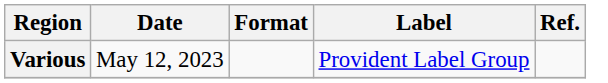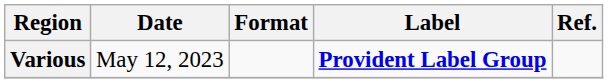 <table class="wikitable plainrowheaders">
 <tr>
 <th scope="col">Region</th>
 <th scope="col">Date</th>
 <th scope="col">Format</th>
 <th scope="col">Label</th>
 <th scope="col">Ref.</th>
 </tr>
 <tr>
 <th scope="row">Various</th>
 <td>May 12, 2023</td>
 <td></td>
-<td><a href='#'>Provident Label Group</a></td>
+<td><strong><a href='#'>Provident Label Group</a></strong></td>
 <td></td>
 </tr>
 <tr>
 </tr>
 </table>
